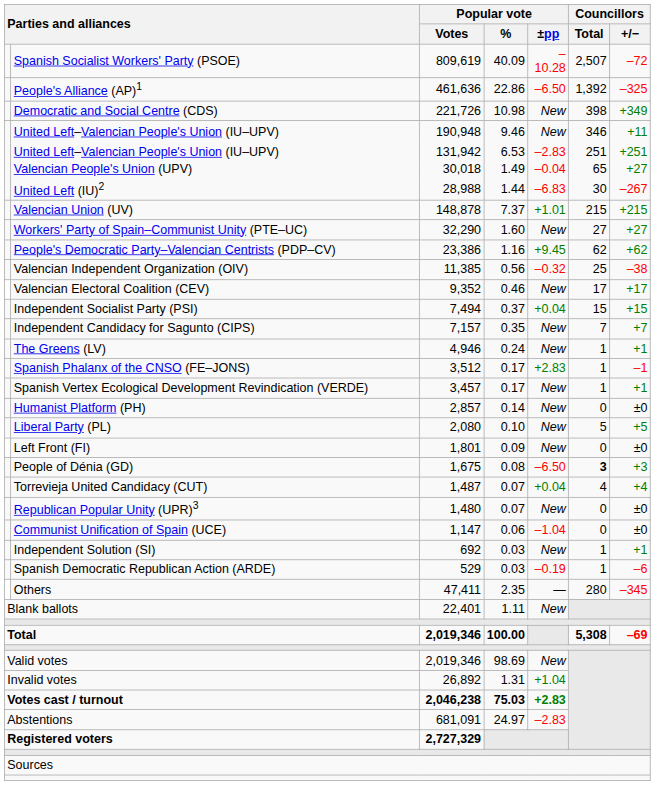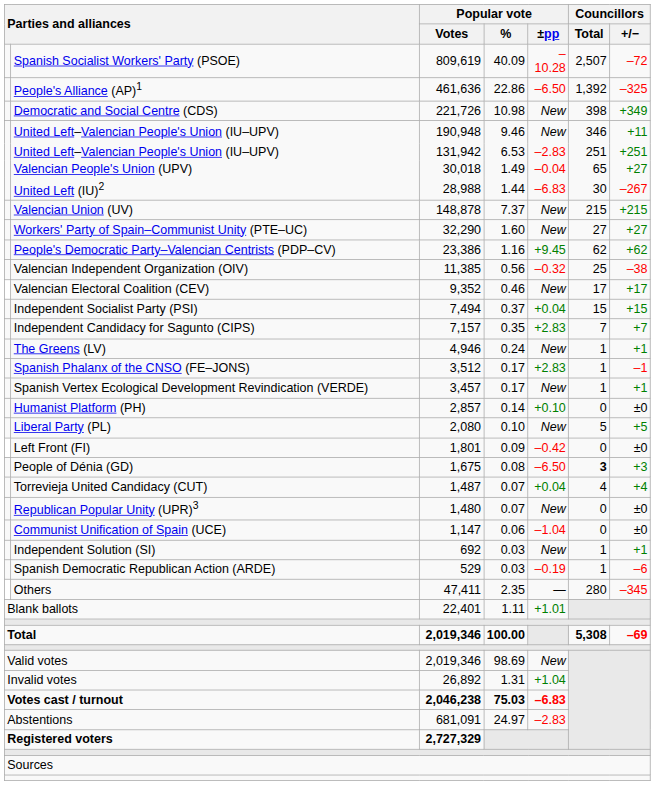 <table class="wikitable" style="text-align:right;">
 <tr>
 <th style="text-align:left;" rowspan="2" colspan="2" width="525">Parties and alliances</th>
 <th colspan="3">Popular vote</th>
 <th colspan="2">Councillors</th>
 </tr>
 <tr>
 <th width="75">Votes</th>
 <th width="45">%</th>
 <th width="45">±<a href='#'>pp</a></th>
 <th width="45">Total</th>
 <th width="45">+/−</th>
 </tr>
 <tr>
 <td width="1" style="color:inherit;background:"></td>
 <td align="left"><a href='#'>Spanish Socialist Workers' Party</a> (PSOE)</td>
 <td>809,619</td>
 <td>40.09</td>
 <td style="color:red;">–10.28</td>
 <td>2,507</td>
 <td style="color:red;">–72</td>
 </tr>
 <tr>
 <td style="color:inherit;background:"></td>
 <td align="left"><a href='#'>People's Alliance</a> (AP)<sup>1</sup></td>
 <td>461,636</td>
 <td>22.86</td>
 <td style="color:red;">–6.50</td>
 <td>1,392</td>
 <td style="color:red;">–325</td>
 </tr>
 <tr>
 <td style="color:inherit;background:"></td>
 <td align="left"><a href='#'>Democratic and Social Centre</a> (CDS)</td>
 <td>221,726</td>
 <td>10.98</td>
 <td><em>New</em></td>
 <td>398</td>
 <td style="color:green;">+349</td>
 </tr>
 <tr style="line-height:22px;">
 <td rowspan="4" style="color:inherit;background:"></td>
 <td align="left"><a href='#'>United Left</a>–<a href='#'>Valencian People's Union</a> (IU–UPV)</td>
 <td>190,948</td>
 <td>9.46</td>
 <td><em>New</em></td>
 <td>346</td>
 <td style="color:green;">+11</td>
 </tr>
 <tr style="border-bottom-style:hidden; border-top-style:hidden; line-height:16px;">
 <td align="left"><span><a href='#'>United Left</a>–<a href='#'>Valencian People's Union</a> (IU–UPV)</span></td>
 <td>131,942</td>
 <td>6.53</td>
 <td style="color:red;">–2.83</td>
 <td>251</td>
 <td style="color:green;">+251</td>
 </tr>
 <tr style="border-bottom-style:hidden; line-height:16px;">
 <td align="left"><span><a href='#'>Valencian People's Union</a> (UPV)</span></td>
 <td>30,018</td>
 <td>1.49</td>
 <td style="color:red;">–0.04</td>
 <td>65</td>
 <td style="color:green;">+27</td>
 </tr>
 <tr style="line-height:16px;">
 <td align="left"><span><a href='#'>United Left</a> (IU)<sup>2</sup></span></td>
 <td>28,988</td>
 <td>1.44</td>
 <td style="color:red;">–6.83</td>
 <td>30</td>
 <td style="color:red;">–267</td>
 </tr>
 <tr>
 <td style="color:inherit;background:"></td>
 <td align="left"><a href='#'>Valencian Union</a> (UV)</td>
 <td>148,878</td>
 <td>7.37</td>
-<td style="color:green;">+1.01</td>
+<td><em>New</em></td>
 <td>215</td>
 <td style="color:green;">+215</td>
 </tr>
 <tr>
 <td style="color:inherit;background:"></td>
 <td align="left"><a href='#'>Workers' Party of Spain–Communist Unity</a> (PTE–UC)</td>
 <td>32,290</td>
 <td>1.60</td>
 <td><em>New</em></td>
 <td>27</td>
 <td style="color:green;">+27</td>
 </tr>
 <tr>
 <td style="color:inherit;background:"></td>
 <td align="left"><a href='#'>People's Democratic Party–Valencian Centrists</a> (PDP–CV)</td>
 <td>23,386</td>
 <td>1.16</td>
 <td style="color:green;">+9.45</td>
 <td>62</td>
 <td style="color:green;">+62</td>
 </tr>
 <tr>
 <td style="color:inherit;background:"></td>
 <td align="left">Valencian Independent Organization (OIV)</td>
 <td>11,385</td>
 <td>0.56</td>
 <td style="color:red;">–0.32</td>
 <td>25</td>
 <td style="color:red;">–38</td>
 </tr>
 <tr>
 <td bgcolor="white"></td>
 <td align="left">Valencian Electoral Coalition (CEV)</td>
 <td>9,352</td>
 <td>0.46</td>
 <td><em>New</em></td>
 <td>17</td>
 <td style="color:green;">+17</td>
 </tr>
 <tr>
 <td style="color:inherit;background:"></td>
 <td align="left">Independent Socialist Party (PSI)</td>
 <td>7,494</td>
 <td>0.37</td>
 <td style="color:green;">+0.04</td>
 <td>15</td>
 <td style="color:green;">+15</td>
 </tr>
 <tr>
 <td style="color:inherit;background:"></td>
 <td align="left">Independent Candidacy for Sagunto (CIPS)</td>
 <td>7,157</td>
 <td>0.35</td>
-<td><em>New</em></td>
+<td style="color:green;">+2.83</td>
 <td>7</td>
 <td style="color:green;">+7</td>
 </tr>
 <tr>
 <td style="color:inherit;background:"></td>
 <td align="left"><a href='#'>The Greens</a> (LV)</td>
 <td>4,946</td>
 <td>0.24</td>
 <td><em>New</em></td>
 <td>1</td>
 <td style="color:green;">+1</td>
 </tr>
 <tr>
 <td style="color:inherit;background:"></td>
 <td align="left"><a href='#'>Spanish Phalanx of the CNSO</a> (FE–JONS)</td>
 <td>3,512</td>
 <td>0.17</td>
 <td style="color:green;">+2.83</td>
 <td>1</td>
 <td style="color:red;">–1</td>
 </tr>
 <tr>
 <td style="color:inherit;background:"></td>
 <td align="left">Spanish Vertex Ecological Development Revindication (VERDE)</td>
 <td>3,457</td>
 <td>0.17</td>
 <td><em>New</em></td>
 <td>1</td>
 <td style="color:green;">+1</td>
 </tr>
 <tr>
 <td style="color:inherit;background:"></td>
 <td align="left"><a href='#'>Humanist Platform</a> (PH)</td>
 <td>2,857</td>
 <td>0.14</td>
-<td><em>New</em></td>
+<td style="color:green;">+0.10</td>
 <td>0</td>
 <td>±0</td>
 </tr>
 <tr>
 <td style="color:inherit;background:"></td>
 <td align="left"><a href='#'>Liberal Party</a> (PL)</td>
 <td>2,080</td>
 <td>0.10</td>
 <td><em>New</em></td>
 <td>5</td>
 <td style="color:green;">+5</td>
 </tr>
 <tr>
 <td bgcolor="white"></td>
 <td align="left">Left Front (FI)</td>
 <td>1,801</td>
 <td>0.09</td>
-<td><em>New</em></td>
+<td style="color:red;">–0.42</td>
 <td>0</td>
 <td>±0</td>
 </tr>
 <tr>
 <td style="color:inherit;background:"></td>
 <td align="left">People of Dénia (GD)</td>
 <td>1,675</td>
 <td>0.08</td>
 <td style="color:red;">–6.50</td>
 <td><strong>3</strong></td>
 <td style="color:green;">+3</td>
 </tr>
 <tr>
 <td style="color:inherit;background:"></td>
 <td align="left">Torrevieja United Candidacy (CUT)</td>
 <td>1,487</td>
 <td>0.07</td>
 <td style="color:green;">+0.04</td>
 <td>4</td>
 <td style="color:green;">+4</td>
 </tr>
 <tr>
 <td style="color:inherit;background:"></td>
 <td align="left"><a href='#'>Republican Popular Unity</a> (UPR)<sup>3</sup></td>
 <td>1,480</td>
 <td>0.07</td>
 <td><em>New</em></td>
 <td>0</td>
 <td>±0</td>
 </tr>
 <tr>
 <td style="color:inherit;background:"></td>
 <td align="left"><a href='#'>Communist Unification of Spain</a> (UCE)</td>
 <td>1,147</td>
 <td>0.06</td>
 <td style="color:red;">–1.04</td>
 <td>0</td>
 <td>±0</td>
 </tr>
 <tr>
 <td style="color:inherit;background:"></td>
 <td align="left">Independent Solution (SI)</td>
 <td>692</td>
 <td>0.03</td>
 <td><em>New</em></td>
 <td>1</td>
 <td style="color:green;">+1</td>
 </tr>
 <tr>
 <td style="color:inherit;background:"></td>
 <td align="left">Spanish Democratic Republican Action (ARDE)</td>
 <td>529</td>
 <td>0.03</td>
 <td style="color:red;">–0.19</td>
 <td>1</td>
 <td style="color:red;">–6</td>
 </tr>
 <tr>
 <td bgcolor="white"></td>
 <td align="left">Others</td>
 <td>47,411</td>
 <td>2.35</td>
 <td>—</td>
 <td>280</td>
 <td style="color:red;">–345</td>
 </tr>
 <tr>
 <td align="left" colspan="2">Blank ballots</td>
 <td>22,401</td>
 <td>1.11</td>
-<td><em>New</em></td>
+<td style="color:green;">+1.01</td>
 <td bgcolor="#E9E9E9" colspan="2"></td>
 </tr>
 <tr>
 <td colspan="7" bgcolor="#E9E9E9"></td>
 </tr>
 <tr style="font-weight:bold;">
 <td align="left" colspan="2">Total</td>
 <td>2,019,346</td>
 <td>100.00</td>
 <td bgcolor="#E9E9E9"></td>
 <td>5,308</td>
 <td style="color:red;">–69</td>
 </tr>
 <tr>
 <td colspan="7" bgcolor="#E9E9E9"></td>
 </tr>
 <tr>
 <td align="left" colspan="2">Valid votes</td>
 <td>2,019,346</td>
 <td>98.69</td>
 <td><em>New</em></td>
 <td bgcolor="#E9E9E9" colspan="2" rowspan="5"></td>
 </tr>
 <tr>
 <td align="left" colspan="2">Invalid votes</td>
 <td>26,892</td>
 <td>1.31</td>
 <td style="color:green;">+1.04</td>
 </tr>
 <tr style="font-weight:bold;">
 <td align="left" colspan="2">Votes cast / turnout</td>
 <td>2,046,238</td>
 <td>75.03</td>
-<td style="color:green;">+2.83</td>
+<td style="color:red;">–6.83</td>
 </tr>
 <tr>
 <td align="left" colspan="2">Abstentions</td>
 <td>681,091</td>
 <td>24.97</td>
 <td style="color:red;">–2.83</td>
 </tr>
 <tr style="font-weight:bold;">
 <td align="left" colspan="2">Registered voters</td>
 <td>2,727,329</td>
 <td bgcolor="#E9E9E9" colspan="2"></td>
 </tr>
 <tr>
 <td colspan="7" bgcolor="#E9E9E9"></td>
 </tr>
 <tr>
 <td align="left" colspan="7">Sources</td>
 </tr>
 <tr>
 <td colspan="7" style="text-align:left; max-width:790px;"></td>
 </tr>
 </table>
